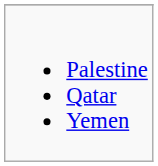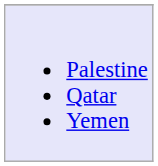 <table class="wikitable">
 <tr>
 </tr>
 <tr>
-<td><br><ul><li> <a href='#'>Palestine</a></li><li> <a href='#'>Qatar</a></li><li> <a href='#'>Yemen</a></li></ul></td>
+<td style="background: lavender;"><br><ul><li> <a href='#'>Palestine</a></li><li> <a href='#'>Qatar</a></li><li> <a href='#'>Yemen</a></li></ul></td>
 </tr>
 </table>
